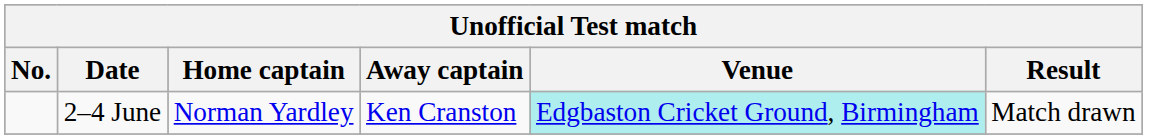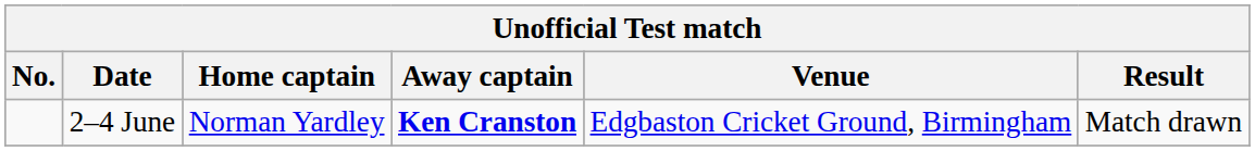 <table class="wikitable">
 <tr>
 <th colspan="9">Unofficial Test match</th>
 </tr>
 <tr>
 <th>No.</th>
 <th>Date</th>
 <th>Home captain</th>
 <th>Away captain</th>
 <th>Venue</th>
 <th>Result</th>
 </tr>
 <tr>
 <td></td>
 <td>2–4 June</td>
 <td><a href='#'>Norman Yardley</a></td>
-<td><a href='#'>Ken Cranston</a></td>
-<td style="background: paleturquoise;"><a href='#'>Edgbaston Cricket Ground</a>, <a href='#'>Birmingham</a></td>
+<td><strong><a href='#'>Ken Cranston</a></strong></td>
+<td><a href='#'>Edgbaston Cricket Ground</a>, <a href='#'>Birmingham</a></td>
 <td>Match drawn</td>
 </tr>
 </table>
